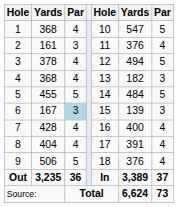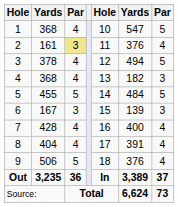 <table class="wikitable" style="text-align:center; font-size:100%;">
 <tr>
 <th>Hole</th>
 <th>Yards</th>
 <th>Par</th>
 <th></th>
 <th>Hole</th>
 <th>Yards</th>
 <th>Par</th>
 </tr>
 <tr>
 <td>1</td>
 <td>368</td>
 <td>4</td>
 <td rowspan=10 style="background:#E6E8FA;"></td>
 <td>10</td>
 <td>547</td>
 <td>5</td>
 </tr>
 <tr>
 <td>2</td>
 <td>161</td>
-<td>3</td>
+<td style="background: khaki;">3</td>
 <td>11</td>
 <td>376</td>
 <td>4</td>
 </tr>
 <tr>
 <td>3</td>
 <td>378</td>
 <td>4</td>
 <td>12</td>
 <td>494</td>
 <td>5</td>
 </tr>
 <tr>
 <td>4</td>
 <td>368</td>
 <td>4</td>
 <td>13</td>
 <td>182</td>
 <td>3</td>
 </tr>
 <tr>
 <td>5</td>
 <td>455</td>
 <td>5</td>
 <td>14</td>
 <td>484</td>
 <td>5</td>
 </tr>
 <tr>
 <td>6</td>
 <td>167</td>
-<td style="background: lightblue;">3</td>
+<td>3</td>
 <td>15</td>
 <td>139</td>
 <td>3</td>
 </tr>
 <tr>
 <td>7</td>
 <td>428</td>
 <td>4</td>
 <td>16</td>
 <td>400</td>
 <td>4</td>
 </tr>
 <tr>
 <td>8</td>
 <td>404</td>
 <td>4</td>
 <td>17</td>
 <td>391</td>
 <td>4</td>
 </tr>
 <tr>
 <td>9</td>
 <td>506</td>
 <td>5</td>
 <td>18</td>
 <td>376</td>
 <td>4</td>
 </tr>
 <tr>
 <td><strong>Out</strong></td>
 <td><strong>3,235</strong></td>
 <td><strong>36</strong></td>
 <td><strong>In</strong></td>
 <td><strong>3,389</strong></td>
 <td><strong>37</strong></td>
 </tr>
 <tr>
 <td colspan=2 align=left><small>Source:</small></td>
 <td colspan=3><strong>Total</strong></td>
 <td><strong>6,624</strong></td>
 <td><strong>73</strong></td>
 </tr>
 </table>
